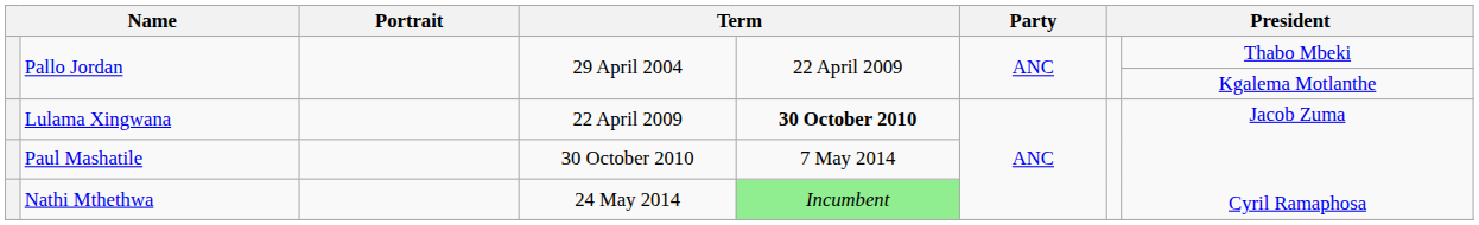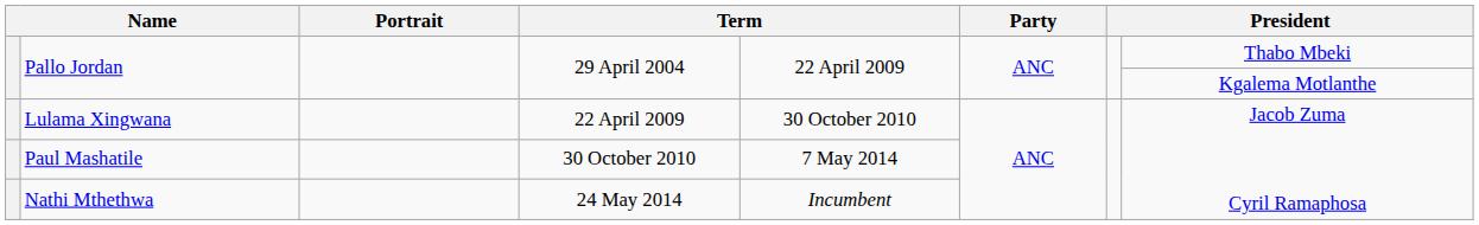 <table class="wikitable" width=60%>
 <tr>
 <th colspan=2 width=20%>Name</th>
 <th width=75>Portrait</th>
 <th colspan=2 width=30%>Term</th>
 <th width=10%>Party</th>
 <th colspan=2 width=25%>President</th>
 </tr>
 <tr style="text-align:center">
 <th rowspan=2 style="width:1%;background-color: "></th>
 <td rowspan=2 align=left><a href='#'>Pallo Jordan</a></td>
 <td rowspan=2></td>
 <td rowspan=2>29 April 2004</td>
 <td rowspan=2>22 April 2009</td>
 <td rowspan=2><a href='#'>ANC</a></td>
 <td rowspan=2 style="width:1%;background-color: "></td>
 <td><a href='#'>Thabo Mbeki</a><br> </td>
 </tr>
 <tr style="text-align:center">
 <td><a href='#'>Kgalema Motlanthe</a><br> </td>
 </tr>
 <tr style="text-align:center">
 <th style="width:1%;background-color: "></th>
 <td align=left><a href='#'>Lulama Xingwana</a></td>
 <td></td>
 <td>22 April 2009</td>
-<td><strong>30 October 2010</strong></td>
+<td>30 October 2010</td>
 <td rowspan=3><a href='#'>ANC</a></td>
 <td rowspan=3 style="width:1%;background-color: "></td>
 <td rowspan=3><a href='#'>Jacob Zuma</a><br> <br><br><br> <a href='#'>Cyril Ramaphosa</a> <br></td>
 </tr>
 <tr style="text-align:center">
 <th style="width:1%;background-color: "></th>
 <td align=left><a href='#'>Paul Mashatile</a></td>
 <td></td>
 <td>30 October 2010</td>
 <td>7 May 2014</td>
 </tr>
 <tr style="text-align:center">
 <th style="width:1%;background-color: "></th>
 <td align=left><a href='#'>Nathi Mthethwa</a></td>
 <td></td>
 <td>24 May 2014</td>
-<td style="background: lightgreen;"><em>Incumbent</em></td>
+<td><em>Incumbent</em></td>
 </tr>
 <tr>
 </tr>
 </table>
